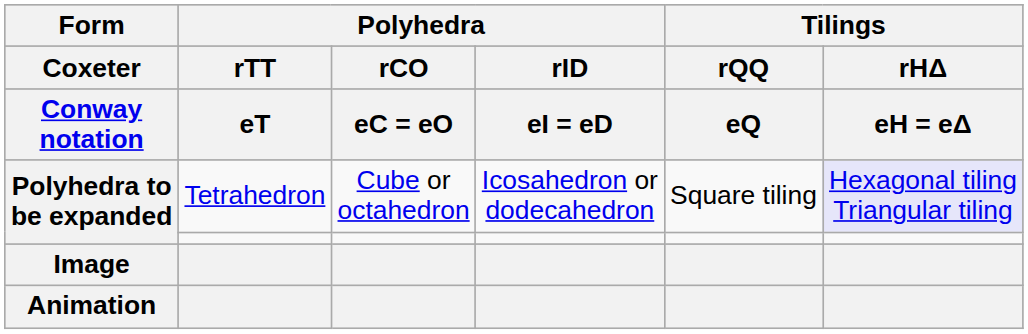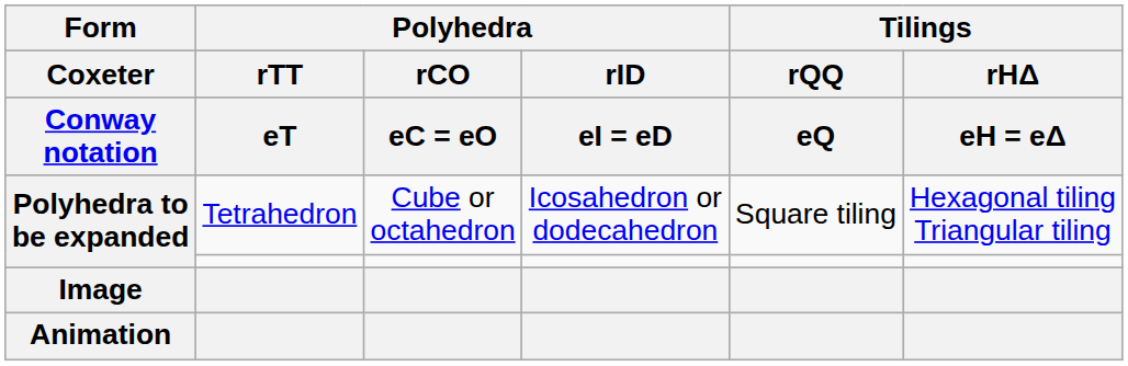 <table class=wikitable>
 <tr>
 <th>Form</th>
 <th colspan=3>Polyhedra</th>
 <th colspan=2>Tilings</th>
 </tr>
 <tr>
 <th>Coxeter</th>
 <th>rTT</th>
 <th>rCO</th>
 <th>rID</th>
 <th>rQQ</th>
 <th>rHΔ</th>
 </tr>
 <tr>
 <th><a href='#'>Conway<br>notation</a></th>
 <th>eT</th>
 <th>eC = eO</th>
 <th>eI = eD</th>
 <th>eQ</th>
 <th>eH = eΔ</th>
 </tr>
 <tr align=center>
 <th rowspan=2>Polyhedra to<br>be expanded</th>
 <td><a href='#'>Tetrahedron</a></td>
 <td><a href='#'>Cube</a> or<br><a href='#'>octahedron</a></td>
 <td><a href='#'>Icosahedron</a> or<br><a href='#'>dodecahedron</a></td>
 <td>Square tiling</td>
-<td style="background: lavender;"><a href='#'>Hexagonal tiling</a><br><a href='#'>Triangular tiling</a></td>
+<td><a href='#'>Hexagonal tiling</a><br><a href='#'>Triangular tiling</a></td>
 </tr>
 <tr align=center>
 <td></td>
 <td></td>
 <td></td>
 <td></td>
 <td></td>
 </tr>
 <tr>
 <th>Image</th>
 <th></th>
 <th></th>
 <th></th>
 <th></th>
 <th></th>
 </tr>
 <tr>
 <th>Animation</th>
 <th></th>
 <th></th>
 <th></th>
 <th></th>
 <th></th>
 </tr>
 </table>
